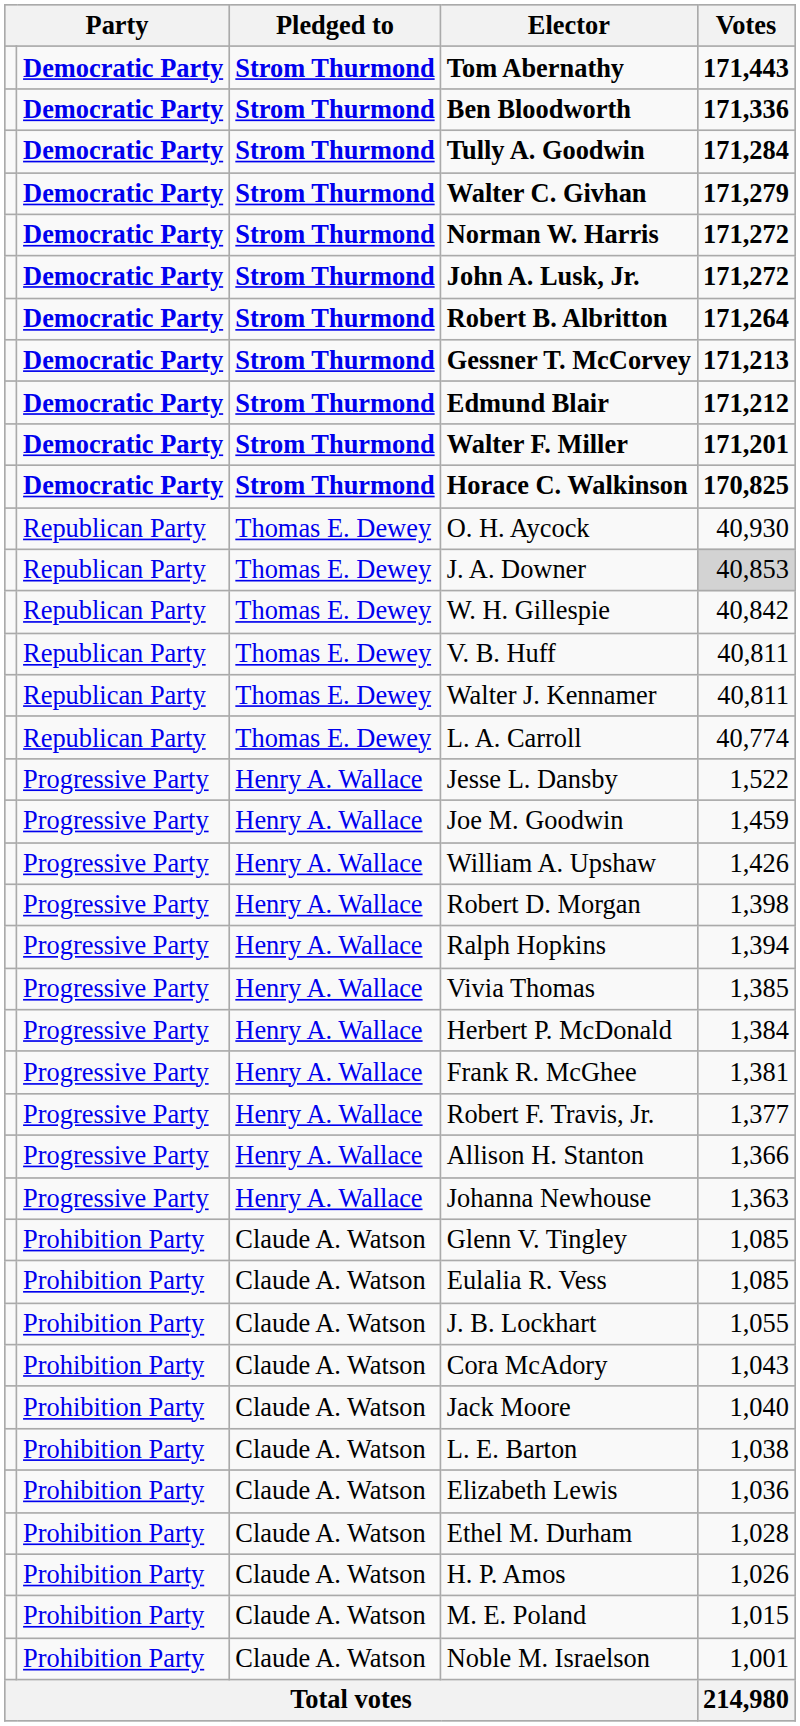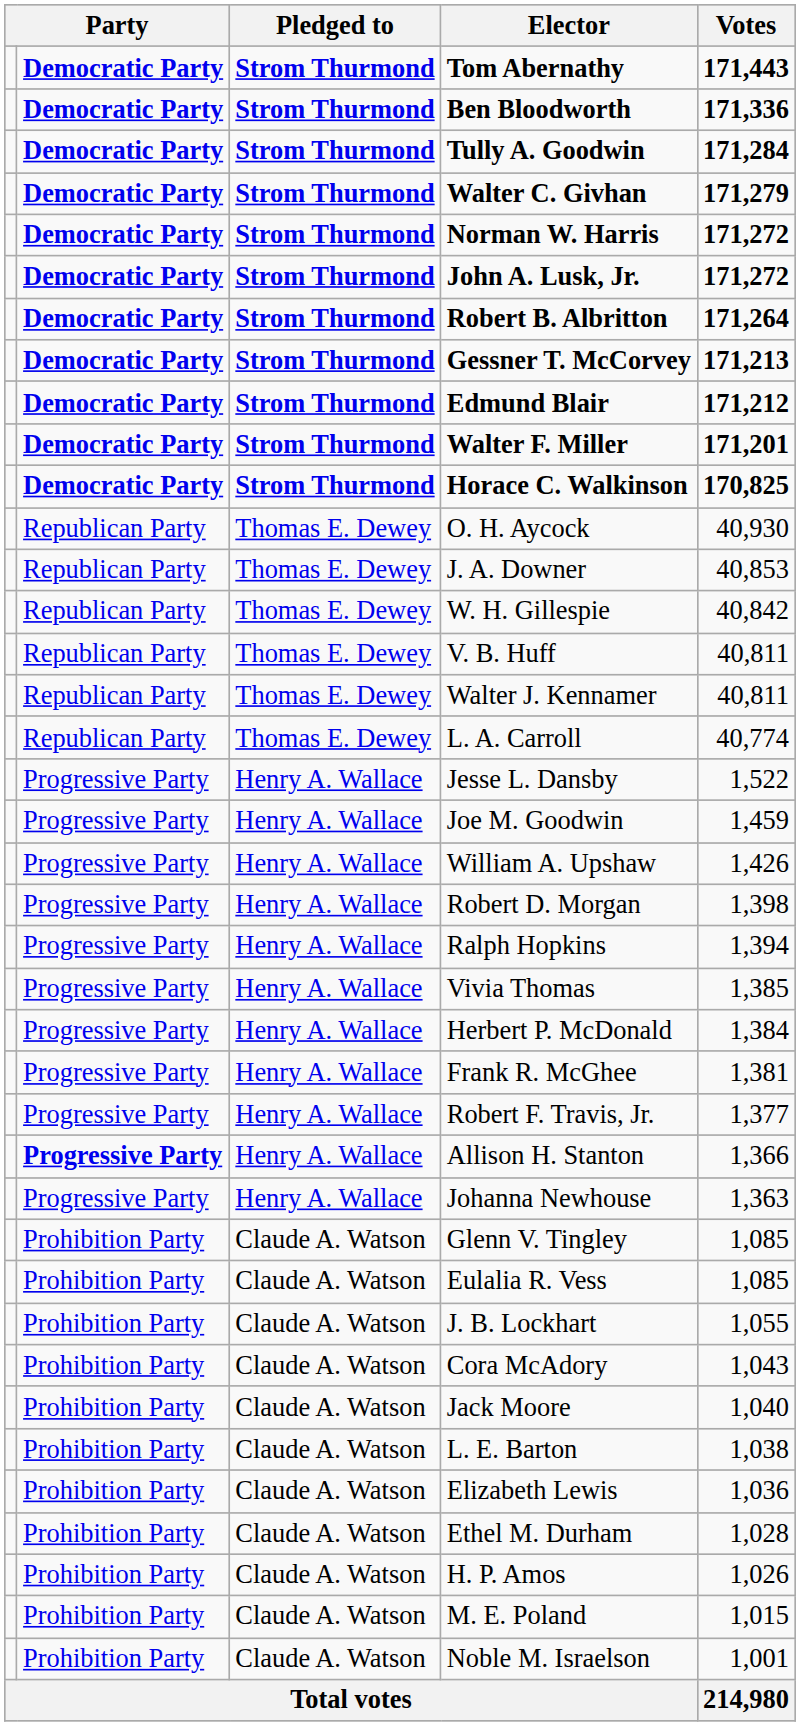 <table class="wikitable">
 <tr>
 <th colspan=2>Party</th>
 <th>Pledged to</th>
 <th>Elector</th>
 <th>Votes</th>
 </tr>
 <tr style="font-weight:bold">
 <td bgcolor=></td>
 <td><a href='#'>Democratic Party</a></td>
 <td><a href='#'>Strom Thurmond</a></td>
 <td>Tom Abernathy</td>
 <td align=right>171,443</td>
 </tr>
 <tr style="font-weight:bold">
 <td bgcolor=></td>
 <td><a href='#'>Democratic Party</a></td>
 <td><a href='#'>Strom Thurmond</a></td>
 <td>Ben Bloodworth</td>
 <td align=right>171,336</td>
 </tr>
 <tr style="font-weight:bold">
 <td bgcolor=></td>
 <td><a href='#'>Democratic Party</a></td>
 <td><a href='#'>Strom Thurmond</a></td>
 <td>Tully A. Goodwin</td>
 <td align=right>171,284</td>
 </tr>
 <tr style="font-weight:bold">
 <td bgcolor=></td>
 <td><a href='#'>Democratic Party</a></td>
 <td><a href='#'>Strom Thurmond</a></td>
 <td>Walter C. Givhan</td>
 <td align=right>171,279</td>
 </tr>
 <tr style="font-weight:bold">
 <td bgcolor=></td>
 <td><a href='#'>Democratic Party</a></td>
 <td><a href='#'>Strom Thurmond</a></td>
 <td>Norman W. Harris</td>
 <td align=right>171,272</td>
 </tr>
 <tr style="font-weight:bold">
 <td bgcolor=></td>
 <td><a href='#'>Democratic Party</a></td>
 <td><a href='#'>Strom Thurmond</a></td>
 <td>John A. Lusk, Jr.</td>
 <td align=right>171,272</td>
 </tr>
 <tr style="font-weight:bold">
 <td bgcolor=></td>
 <td><a href='#'>Democratic Party</a></td>
 <td><a href='#'>Strom Thurmond</a></td>
 <td>Robert B. Albritton</td>
 <td align=right>171,264</td>
 </tr>
 <tr style="font-weight:bold">
 <td bgcolor=></td>
 <td><a href='#'>Democratic Party</a></td>
 <td><a href='#'>Strom Thurmond</a></td>
 <td>Gessner T. McCorvey</td>
 <td align=right>171,213</td>
 </tr>
 <tr style="font-weight:bold">
 <td bgcolor=></td>
 <td><a href='#'>Democratic Party</a></td>
 <td><a href='#'>Strom Thurmond</a></td>
 <td>Edmund Blair</td>
 <td align=right>171,212</td>
 </tr>
 <tr style="font-weight:bold">
 <td bgcolor=></td>
 <td><a href='#'>Democratic Party</a></td>
 <td><a href='#'>Strom Thurmond</a></td>
 <td>Walter F. Miller</td>
 <td align=right>171,201</td>
 </tr>
 <tr style="font-weight:bold">
 <td bgcolor=></td>
 <td><a href='#'>Democratic Party</a></td>
 <td><a href='#'>Strom Thurmond</a></td>
 <td>Horace C. Walkinson</td>
 <td align=right>170,825</td>
 </tr>
 <tr>
 <td bgcolor=></td>
 <td><a href='#'>Republican Party</a></td>
 <td><a href='#'>Thomas E. Dewey</a></td>
 <td>O. H. Aycock</td>
 <td align=right>40,930</td>
 </tr>
 <tr>
 <td bgcolor=></td>
 <td><a href='#'>Republican Party</a></td>
 <td><a href='#'>Thomas E. Dewey</a></td>
 <td>J. A. Downer</td>
-<td align=right style="background: lightgrey;">40,853</td>
+<td align=right>40,853</td>
 </tr>
 <tr>
 <td bgcolor=></td>
 <td><a href='#'>Republican Party</a></td>
 <td><a href='#'>Thomas E. Dewey</a></td>
 <td>W. H. Gillespie</td>
 <td align=right>40,842</td>
 </tr>
 <tr>
 <td bgcolor=></td>
 <td><a href='#'>Republican Party</a></td>
 <td><a href='#'>Thomas E. Dewey</a></td>
 <td>V. B. Huff</td>
 <td align=right>40,811</td>
 </tr>
 <tr>
 <td bgcolor=></td>
 <td><a href='#'>Republican Party</a></td>
 <td><a href='#'>Thomas E. Dewey</a></td>
 <td>Walter J. Kennamer</td>
 <td align=right>40,811</td>
 </tr>
 <tr>
 <td bgcolor=></td>
 <td><a href='#'>Republican Party</a></td>
 <td><a href='#'>Thomas E. Dewey</a></td>
 <td>L. A. Carroll</td>
 <td align=right>40,774</td>
 </tr>
 <tr>
 <td bgcolor=></td>
 <td><a href='#'>Progressive Party</a></td>
 <td><a href='#'>Henry A. Wallace</a></td>
 <td>Jesse L. Dansby</td>
 <td align=right>1,522</td>
 </tr>
 <tr>
 <td bgcolor=></td>
 <td><a href='#'>Progressive Party</a></td>
 <td><a href='#'>Henry A. Wallace</a></td>
 <td>Joe M. Goodwin</td>
 <td align=right>1,459</td>
 </tr>
 <tr>
 <td bgcolor=></td>
 <td><a href='#'>Progressive Party</a></td>
 <td><a href='#'>Henry A. Wallace</a></td>
 <td>William A. Upshaw</td>
 <td align=right>1,426</td>
 </tr>
 <tr>
 <td bgcolor=></td>
 <td><a href='#'>Progressive Party</a></td>
 <td><a href='#'>Henry A. Wallace</a></td>
 <td>Robert D. Morgan</td>
 <td align=right>1,398</td>
 </tr>
 <tr>
 <td bgcolor=></td>
 <td><a href='#'>Progressive Party</a></td>
 <td><a href='#'>Henry A. Wallace</a></td>
 <td>Ralph Hopkins</td>
 <td align=right>1,394</td>
 </tr>
 <tr>
 <td bgcolor=></td>
 <td><a href='#'>Progressive Party</a></td>
 <td><a href='#'>Henry A. Wallace</a></td>
 <td>Vivia Thomas</td>
 <td align=right>1,385</td>
 </tr>
 <tr>
 <td bgcolor=></td>
 <td><a href='#'>Progressive Party</a></td>
 <td><a href='#'>Henry A. Wallace</a></td>
 <td>Herbert P. McDonald</td>
 <td align=right>1,384</td>
 </tr>
 <tr>
 <td bgcolor=></td>
 <td><a href='#'>Progressive Party</a></td>
 <td><a href='#'>Henry A. Wallace</a></td>
 <td>Frank R. McGhee</td>
 <td align=right>1,381</td>
 </tr>
 <tr>
 <td bgcolor=></td>
 <td><a href='#'>Progressive Party</a></td>
 <td><a href='#'>Henry A. Wallace</a></td>
 <td>Robert F. Travis, Jr.</td>
 <td align=right>1,377</td>
 </tr>
 <tr>
 <td bgcolor=></td>
-<td><a href='#'>Progressive Party</a></td>
+<td><strong><a href='#'>Progressive Party</a></strong></td>
 <td><a href='#'>Henry A. Wallace</a></td>
 <td>Allison H. Stanton</td>
 <td align=right>1,366</td>
 </tr>
 <tr>
 <td bgcolor=></td>
 <td><a href='#'>Progressive Party</a></td>
 <td><a href='#'>Henry A. Wallace</a></td>
 <td>Johanna Newhouse</td>
 <td align=right>1,363</td>
 </tr>
 <tr>
 <td bgcolor=></td>
 <td><a href='#'>Prohibition Party</a></td>
 <td>Claude A. Watson</td>
 <td>Glenn V. Tingley</td>
 <td align=right>1,085</td>
 </tr>
 <tr>
 <td bgcolor=></td>
 <td><a href='#'>Prohibition Party</a></td>
 <td>Claude A. Watson</td>
 <td>Eulalia R. Vess</td>
 <td align=right>1,085</td>
 </tr>
 <tr>
 <td bgcolor=></td>
 <td><a href='#'>Prohibition Party</a></td>
 <td>Claude A. Watson</td>
 <td>J. B. Lockhart</td>
 <td align=right>1,055</td>
 </tr>
 <tr>
 <td bgcolor=></td>
 <td><a href='#'>Prohibition Party</a></td>
 <td>Claude A. Watson</td>
 <td>Cora McAdory</td>
 <td align=right>1,043</td>
 </tr>
 <tr>
 <td bgcolor=></td>
 <td><a href='#'>Prohibition Party</a></td>
 <td>Claude A. Watson</td>
 <td>Jack Moore</td>
 <td align=right>1,040</td>
 </tr>
 <tr>
 <td bgcolor=></td>
 <td><a href='#'>Prohibition Party</a></td>
 <td>Claude A. Watson</td>
 <td>L. E. Barton</td>
 <td align=right>1,038</td>
 </tr>
 <tr>
 <td bgcolor=></td>
 <td><a href='#'>Prohibition Party</a></td>
 <td>Claude A. Watson</td>
 <td>Elizabeth Lewis</td>
 <td align=right>1,036</td>
 </tr>
 <tr>
 <td bgcolor=></td>
 <td><a href='#'>Prohibition Party</a></td>
 <td>Claude A. Watson</td>
 <td>Ethel M. Durham</td>
 <td align=right>1,028</td>
 </tr>
 <tr>
 <td bgcolor=></td>
 <td><a href='#'>Prohibition Party</a></td>
 <td>Claude A. Watson</td>
 <td>H. P. Amos</td>
 <td align=right>1,026</td>
 </tr>
 <tr>
 <td bgcolor=></td>
 <td><a href='#'>Prohibition Party</a></td>
 <td>Claude A. Watson</td>
 <td>M. E. Poland</td>
 <td align=right>1,015</td>
 </tr>
 <tr>
 <td bgcolor=></td>
 <td><a href='#'>Prohibition Party</a></td>
 <td>Claude A. Watson</td>
 <td>Noble M. Israelson</td>
 <td align=right>1,001</td>
 </tr>
 <tr>
 <th colspan=4>Total votes</th>
 <th>214,980</th>
 </tr>
 </table>
